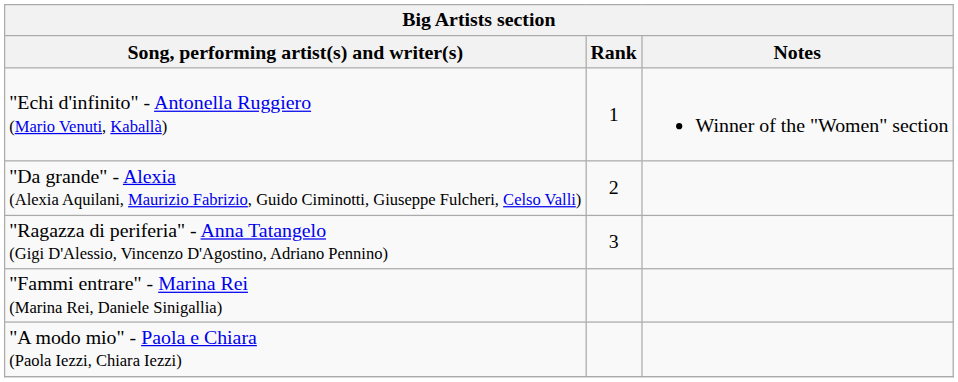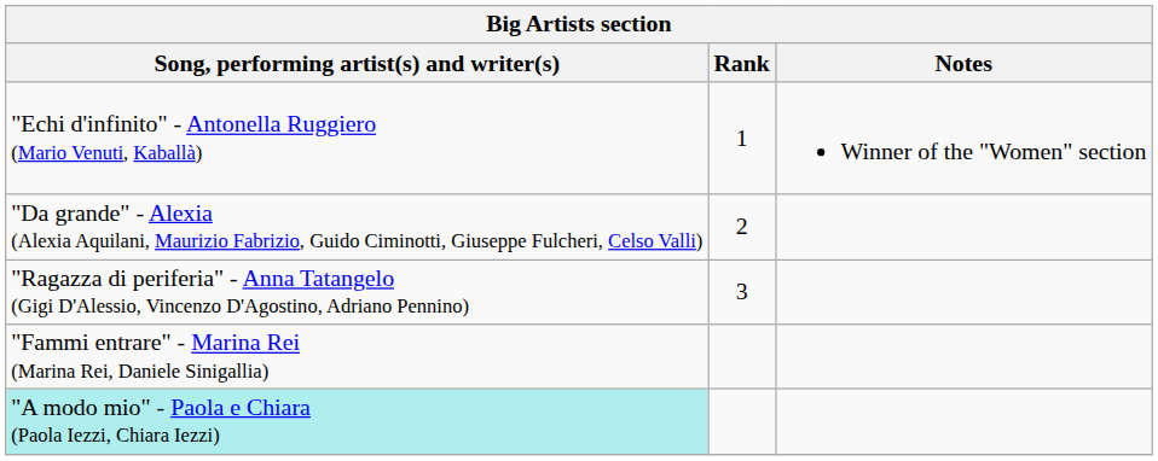 <table class="plainrowheaders wikitable">
 <tr>
 <th colspan="3">Big Artists section </th>
 </tr>
 <tr>
 <th>Song, performing artist(s) and writer(s)</th>
 <th>Rank</th>
 <th>Notes</th>
 </tr>
 <tr>
 <td>"Echi d'infinito" - <a href='#'>Antonella Ruggiero</a><br><small> 	 	(<a href='#'>Mario Venuti</a>, <a href='#'>Kaballà</a>)</small></td>
 <td align="center">1</td>
 <td><br><ul><li>Winner of the "Women" section</li></ul></td>
 </tr>
 <tr>
 <td>"Da grande" - <a href='#'>Alexia</a><br><small> 	(Alexia Aquilani, <a href='#'>Maurizio Fabrizio</a>, Guido Ciminotti, Giuseppe Fulcheri, <a href='#'>Celso Valli</a>)	</small></td>
 <td align="center">2</td>
 <td></td>
 </tr>
 <tr>
 <td>"Ragazza di periferia" - <a href='#'>Anna Tatangelo</a><br><small> 	(Gigi D'Alessio, Vincenzo D'Agostino, Adriano Pennino) 	</small></td>
 <td align="center">3</td>
 <td></td>
 </tr>
 <tr>
 <td>"Fammi entrare" -  <a href='#'>Marina Rei</a><br> <small> 	 	(Marina Rei, Daniele Sinigallia) 	</small></td>
 <td></td>
 <td></td>
 </tr>
 <tr>
-<td>"A modo mio" -  <a href='#'>Paola e Chiara</a><br> <small> 	 	(Paola Iezzi, Chiara Iezzi) 	</small></td>
+<td style="background: paleturquoise;">"A modo mio" -  <a href='#'>Paola e Chiara</a><br> <small> 	 	(Paola Iezzi, Chiara Iezzi) 	</small></td>
 <td></td>
 <td></td>
 </tr>
 <tr>
 </tr>
 </table>
